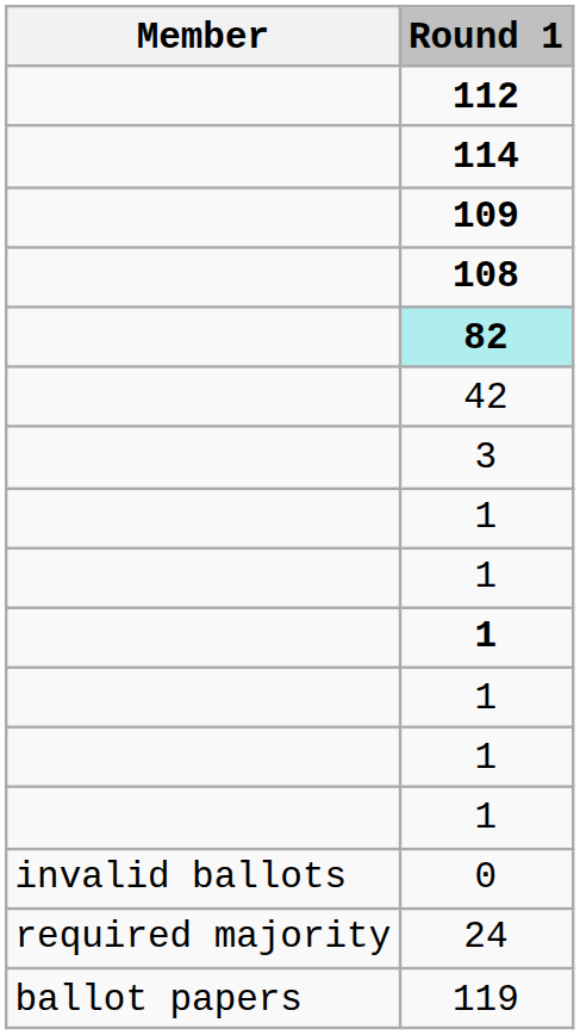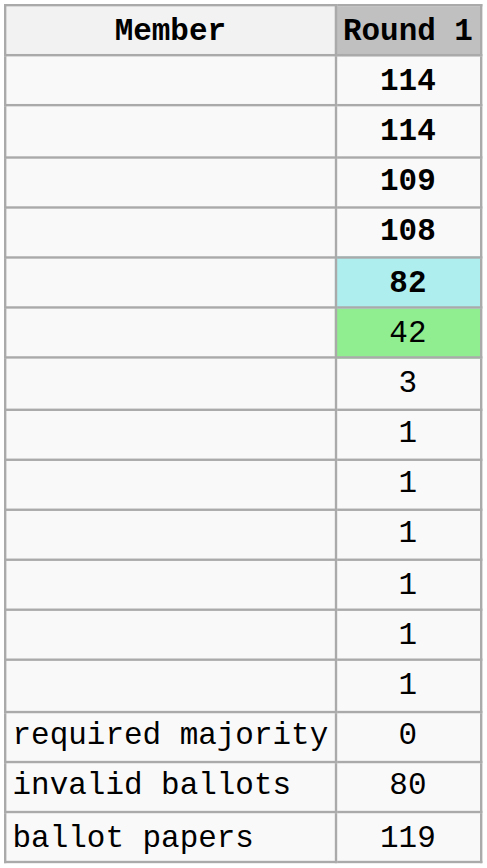 <table class="wikitable collapsible">
 <tr>
 <th>Member</th>
 <td style="background:silver;"><strong>Round 1</strong></td>
 </tr>
 <tr>
 <td></td>
-<td style="text-align:center;"><strong>112</strong></td>
+<td style="text-align:center;"><strong>114</strong></td>
 </tr>
 <tr>
 <td></td>
 <td style="text-align:center;"><strong>114</strong></td>
 </tr>
 <tr>
 <td></td>
 <td style="text-align:center;"><strong>109</strong></td>
 </tr>
 <tr>
 <td></td>
 <td style="text-align:center;"><strong>108</strong></td>
 </tr>
 <tr>
 <td></td>
 <td style="background: paleturquoise; text-align:center;"><strong>82</strong></td>
 </tr>
 <tr>
 <td></td>
-<td style="text-align:center;">42</td>
+<td style="background: lightgreen; text-align:center;">42</td>
 </tr>
 <tr>
 <td></td>
 <td style="text-align:center;">3</td>
 </tr>
 <tr>
 <td></td>
 <td style="text-align:center;">1</td>
 </tr>
 <tr>
 <td></td>
 <td style="text-align:center;">1</td>
 </tr>
 <tr>
 <td></td>
-<td style="text-align:center;"><strong>1</strong></td>
+<td style="text-align:center;">1</td>
 </tr>
 <tr>
 <td></td>
 <td style="text-align:center;">1</td>
 </tr>
 <tr>
 <td></td>
 <td style="text-align:center;">1</td>
 </tr>
 <tr>
 <td></td>
 <td style="text-align:center;">1</td>
 </tr>
 <tr>
-<td>invalid ballots</td>
+<td>required majority</td>
 <td style="text-align:center;">0</td>
 </tr>
 <tr>
-<td>required majority</td>
-<td style="text-align:center;">24</td>
+<td>invalid ballots</td>
+<td style="text-align:center;">80</td>
 </tr>
 <tr>
 <td>ballot papers</td>
 <td style="text-align:center;">119</td>
 </tr>
 </table>
